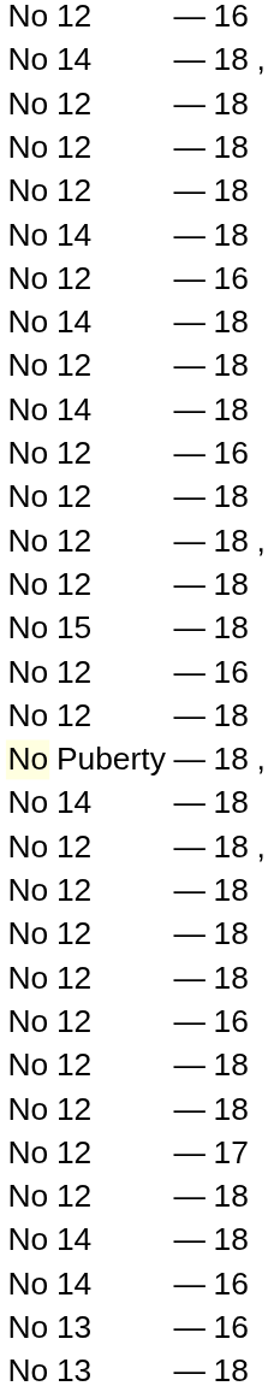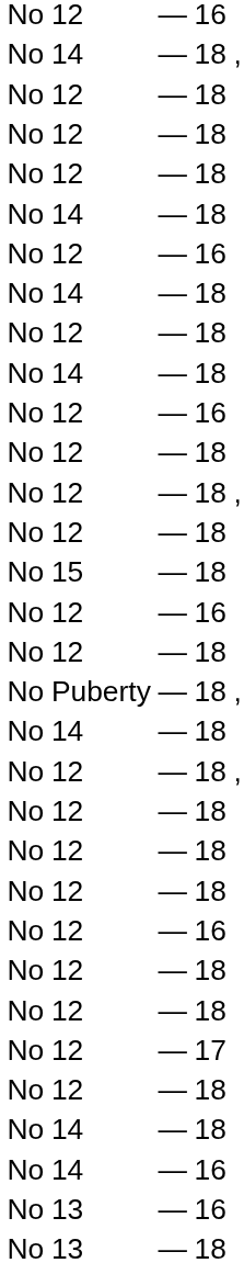 <table>
 <tr>
 <td style=text-align:left></td>
 <td>No</td>
 <td colspan=4>12</td>
 <td colspan=4>—</td>
 <td colspan=4>16</td>
 <td style=text-align:left;width:11em> </td>
 </tr>
 <tr>
 <td style=text-align:left></td>
 <td>No</td>
 <td colspan=4>14</td>
 <td colspan=4>—</td>
 <td colspan=4>18</td>
 <td style=text-align:left>, </td>
 </tr>
 <tr>
 <td style=text-align:left></td>
 <td>No</td>
 <td colspan=4>12</td>
 <td colspan=4>—</td>
 <td colspan=4>18</td>
 <td style=text-align:left> </td>
 </tr>
 <tr>
 <td style=text-align:left></td>
 <td>No</td>
 <td colspan=4>12</td>
 <td colspan=4>—</td>
 <td colspan=4>18</td>
 <td style=text-align:left> </td>
 </tr>
 <tr>
 <td style=text-align:left></td>
 <td>No</td>
 <td colspan=4>12</td>
 <td colspan=4>—</td>
 <td colspan=4>18</td>
 <td style=text-align:left> </td>
 </tr>
 <tr>
 <td style=text-align:left></td>
 <td>No</td>
 <td colspan=4>14</td>
 <td colspan=4>—</td>
 <td colspan=4>18</td>
 <td style=text-align:left> </td>
 </tr>
 <tr>
 <td style=text-align:left></td>
 <td>No</td>
 <td colspan=4>12</td>
 <td colspan=4>—</td>
 <td colspan=4>16</td>
 <td style=text-align:left> </td>
 </tr>
 <tr>
 <td style=text-align:left></td>
 <td>No</td>
 <td colspan=4>14</td>
 <td colspan=4>—</td>
 <td colspan=4>18</td>
 <td style=text-align:left> </td>
 </tr>
 <tr>
 <td style=text-align:left></td>
 <td>No</td>
 <td colspan=4>12</td>
 <td colspan=4>—</td>
 <td colspan=4>18</td>
 <td style=text-align:left> </td>
 </tr>
 <tr>
 <td style=text-align:left></td>
 <td>No</td>
 <td colspan=4>14</td>
 <td colspan=4>—</td>
 <td colspan=4>18</td>
 <td style=text-align:left> </td>
 </tr>
 <tr>
 <td style=text-align:left></td>
 <td>No</td>
 <td colspan=4>12</td>
 <td colspan=4>—</td>
 <td colspan=4>16</td>
 <td style=text-align:left>  </td>
 </tr>
 <tr>
 <td style=text-align:left></td>
 <td>No</td>
 <td colspan=4>12</td>
 <td colspan=4>—</td>
 <td colspan=4>18</td>
 <td style=text-align:left> </td>
 </tr>
 <tr>
 <td style=text-align:left></td>
 <td>No</td>
 <td colspan=4>12</td>
 <td colspan=4>—</td>
 <td colspan=4>18</td>
 <td style=text-align:left>, </td>
 </tr>
 <tr>
 <td style=text-align:left></td>
 <td>No</td>
 <td colspan=4>12</td>
 <td colspan=4>—</td>
 <td colspan=4>18</td>
 <td style=text-align:left></td>
 </tr>
 <tr>
 <td style=text-align:left></td>
 <td>No</td>
 <td colspan=4>15</td>
 <td colspan=4>—</td>
 <td colspan=4>18</td>
 <td style=text-align:left> </td>
 </tr>
 <tr>
 <td style=text-align:left></td>
 <td>No</td>
 <td colspan=4>12</td>
 <td colspan=4>—</td>
 <td colspan=4>16</td>
 <td style=text-align:left> </td>
 </tr>
 <tr>
 <td style=text-align:left></td>
 <td>No</td>
 <td colspan=4>12</td>
 <td colspan=4>—</td>
 <td colspan=4>18</td>
 <td style=text-align:left> </td>
 </tr>
 <tr>
 <td style=text-align:left></td>
-<td style="background: lightyellow;">No</td>
+<td>No</td>
 <td colspan=4>Puberty</td>
 <td colspan=4>—</td>
 <td colspan=4>18</td>
 <td style=text-align:left>, </td>
 </tr>
 <tr>
 <td style=text-align:left></td>
 <td>No</td>
 <td colspan=4>14</td>
 <td colspan=4>—</td>
 <td colspan=4>18</td>
 <td style=text-align:left> </td>
 </tr>
 <tr>
 <td style=text-align:left></td>
 <td>No</td>
 <td colspan=4>12</td>
 <td colspan=4>—</td>
 <td colspan=4>18</td>
 <td style=text-align:left>, </td>
 </tr>
 <tr>
 <td style=text-align:left></td>
 <td>No</td>
 <td colspan=4>12</td>
 <td colspan=4>—</td>
 <td colspan=4>18</td>
 <td style=text-align:left> </td>
 </tr>
 <tr>
 <td style=text-align:left></td>
 <td>No</td>
 <td colspan=4>12</td>
 <td colspan=4>—</td>
 <td colspan=4>18</td>
 <td style=text-align:left> </td>
 </tr>
 <tr>
 <td style=text-align:left></td>
 <td>No</td>
 <td colspan=4>12</td>
 <td colspan=4>—</td>
 <td colspan=4>18</td>
 <td style=text-align:left> </td>
 </tr>
 <tr>
 <td style=text-align:left></td>
 <td>No</td>
 <td colspan=4>12</td>
 <td colspan=4>—</td>
 <td colspan=4>16</td>
 <td style=text-align:left> </td>
 </tr>
 <tr>
 <td style=text-align:left></td>
 <td>No</td>
 <td colspan=4>12</td>
 <td colspan=4>—</td>
 <td colspan=4>18</td>
 <td style=text-align:left> </td>
 </tr>
 <tr>
 <td style=text-align:left></td>
 <td>No</td>
 <td colspan=4>12</td>
 <td colspan=4>—</td>
 <td colspan=4>18</td>
 <td style=text-align:left> </td>
 </tr>
 <tr>
 <td style=text-align:left></td>
 <td>No</td>
 <td colspan=4>12</td>
 <td colspan=4>—</td>
 <td colspan=4>17</td>
 <td style=text-align:left> </td>
 </tr>
 <tr>
 <td style=text-align:left></td>
 <td>No</td>
 <td colspan=4>12</td>
 <td colspan=4>—</td>
 <td colspan=4>18</td>
 <td style=text-align:left> </td>
 </tr>
 <tr>
 <td style=text-align:left></td>
 <td>No</td>
 <td colspan=4>14</td>
 <td colspan=4>—</td>
 <td colspan=4>18</td>
 <td style=text-align:left> </td>
 </tr>
 <tr>
 <td style=text-align:left></td>
 <td>No</td>
 <td colspan=4>14</td>
 <td colspan=4>—</td>
 <td colspan=4>16</td>
 <td style=text-align:left> </td>
 </tr>
 <tr>
 <td style=text-align:left></td>
 <td>No</td>
 <td colspan=4>13</td>
 <td colspan=4>—</td>
 <td colspan=4>16</td>
 <td style=text-align:left> </td>
 </tr>
 <tr>
 <td style=text-align:left></td>
 <td>No</td>
 <td colspan=4>13</td>
 <td colspan=4>—</td>
 <td colspan=4>18</td>
 <td style=text-align:left> </td>
 </tr>
 </table>
